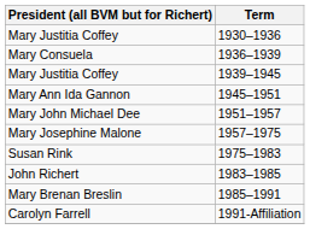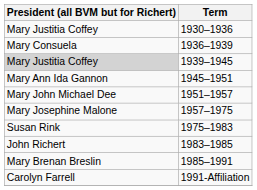 <table class="wikitable" border="1">
 <tr>
 <th>President (all BVM but for Richert)</th>
 <th>Term</th>
 </tr>
 <tr>
 <td>Mary Justitia Coffey</td>
 <td>1930–1936</td>
 </tr>
 <tr>
 <td>Mary Consuela</td>
 <td>1936–1939</td>
 </tr>
 <tr>
-<td>Mary Justitia Coffey</td>
+<td style="background: lightgrey;">Mary Justitia Coffey</td>
 <td>1939–1945</td>
 </tr>
 <tr>
 <td>Mary Ann Ida Gannon</td>
 <td>1945–1951</td>
 </tr>
 <tr>
 <td>Mary John Michael Dee</td>
 <td>1951–1957</td>
 </tr>
 <tr>
 <td>Mary Josephine Malone</td>
 <td>1957–1975</td>
 </tr>
 <tr>
 <td>Susan Rink</td>
 <td>1975–1983</td>
 </tr>
 <tr>
 <td>John Richert</td>
 <td>1983–1985</td>
 </tr>
 <tr>
 <td>Mary Brenan Breslin</td>
 <td>1985–1991</td>
 </tr>
 <tr>
 <td>Carolyn Farrell</td>
 <td>1991-Affiliation</td>
 </tr>
 <tr>
 </tr>
 </table>
